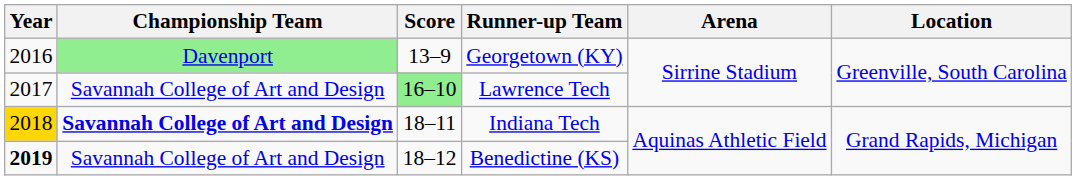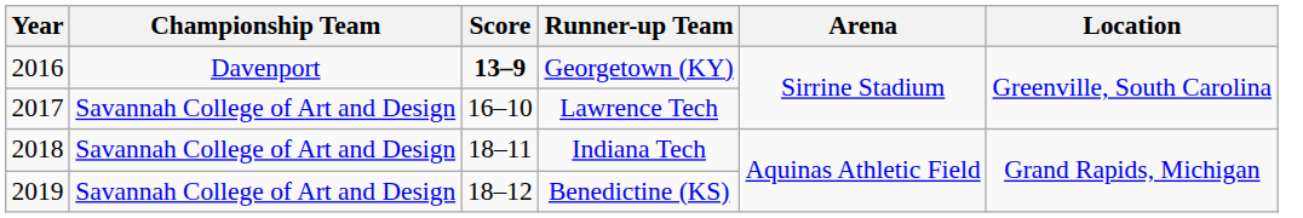 <table class="wikitable" style="text-align:center">
 <tr>
 <th>Year</th>
 <th>Championship Team</th>
 <th>Score</th>
 <th>Runner-up Team</th>
 <th>Arena</th>
 <th>Location</th>
 </tr>
 <tr>
 <td>2016</td>
-<td style="background: lightgreen;"><a href='#'>Davenport</a></td>
-<td>13–9</td>
+<td><a href='#'>Davenport</a></td>
+<td><strong>13–9</strong></td>
 <td><a href='#'>Georgetown (KY)</a></td>
 <td rowspan="2"><a href='#'>Sirrine Stadium</a></td>
 <td rowspan="2"><a href='#'>Greenville, South Carolina</a></td>
 </tr>
 <tr>
 <td>2017</td>
 <td><a href='#'>Savannah College of Art and Design</a></td>
-<td style="background: lightgreen;">16–10</td>
+<td>16–10</td>
 <td><a href='#'>Lawrence Tech</a></td>
 </tr>
 <tr>
-<td style="background: gold;">2018</td>
-<td><strong><a href='#'>Savannah College of Art and Design</a></strong></td>
+<td>2018</td>
+<td><a href='#'>Savannah College of Art and Design</a></td>
 <td>18–11</td>
 <td><a href='#'>Indiana Tech</a></td>
 <td rowspan="2"><a href='#'>Aquinas Athletic Field</a></td>
 <td rowspan="2"><a href='#'>Grand Rapids, Michigan</a></td>
 </tr>
 <tr>
-<td><strong>2019</strong></td>
+<td>2019</td>
 <td><a href='#'>Savannah College of Art and Design</a></td>
 <td>18–12</td>
 <td><a href='#'>Benedictine (KS)</a></td>
 </tr>
 </table>
